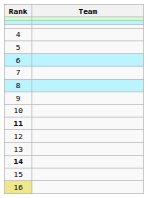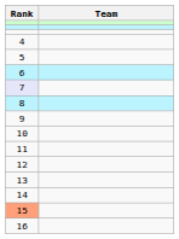 <table class="wikitable" style="text-align:center">
 <tr>
 <th width=40>Rank</th>
 <th width=180>Team</th>
 </tr>
 <tr bgcolor=#ccffcc>
 <td></td>
 <td style="text-align:left"></td>
 </tr>
 <tr style="background: #BBF3FF;">
 <td></td>
 <td style="text-align:left"></td>
 </tr>
 <tr>
 <td></td>
 <td style="text-align:left"></td>
 </tr>
 <tr>
 <td>4</td>
 <td style="text-align:left"></td>
 </tr>
 <tr>
 <td>5</td>
 <td style="text-align:left"></td>
 </tr>
 <tr style="background: #BBF3FF;">
 <td>6</td>
 <td style="text-align:left"></td>
 </tr>
 <tr>
-<td>7</td>
+<td style="background: lavender;">7</td>
 <td style="text-align:left"></td>
 </tr>
 <tr style="background: #BBF3FF;">
 <td>8</td>
 <td style="text-align:left"></td>
 </tr>
 <tr>
 <td>9</td>
 <td style="text-align:left"></td>
 </tr>
 <tr>
 <td>10</td>
 <td style="text-align:left"></td>
 </tr>
 <tr>
-<td><strong>11</strong></td>
+<td>11</td>
 <td style="text-align:left"></td>
 </tr>
 <tr>
 <td>12</td>
 <td style="text-align:left"></td>
 </tr>
 <tr>
 <td>13</td>
 <td style="text-align:left"></td>
 </tr>
 <tr>
-<td><strong>14</strong></td>
+<td>14</td>
 <td style="text-align:left"></td>
 </tr>
 <tr>
-<td>15</td>
+<td style="background: lightsalmon;">15</td>
 <td style="text-align:left"></td>
 </tr>
 <tr>
-<td style="background: khaki;">16</td>
+<td>16</td>
 <td style="text-align:left"></td>
 </tr>
 </table>
